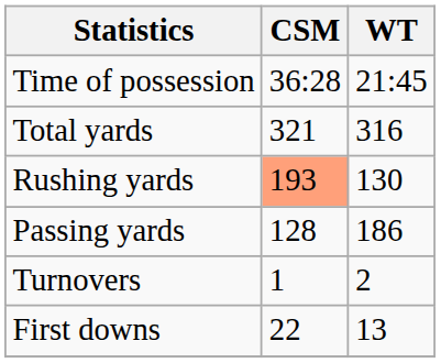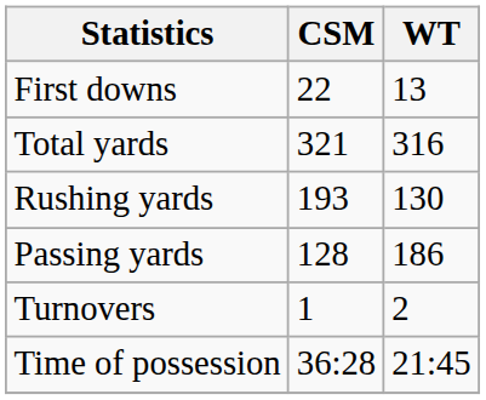 <table class="wikitable" style="float: left;">
 <tr>
 <th>Statistics</th>
 <th>CSM</th>
 <th>WT</th>
 </tr>
 <tr>
-<td>Time of possession</td>
-<td>36:28</td>
-<td>21:45</td>
+<td>First downs</td>
+<td>22</td>
+<td>13</td>
 </tr>
 <tr>
 <td>Total yards</td>
 <td>321</td>
 <td>316</td>
 </tr>
 <tr>
 <td>Rushing yards</td>
-<td style="background: lightsalmon;">193</td>
+<td>193</td>
 <td>130</td>
 </tr>
 <tr>
 <td>Passing yards</td>
 <td>128</td>
 <td>186</td>
 </tr>
 <tr>
 <td>Turnovers</td>
 <td>1</td>
 <td>2</td>
 </tr>
 <tr>
-<td>First downs</td>
-<td>22</td>
-<td>13</td>
+<td>Time of possession</td>
+<td>36:28</td>
+<td>21:45</td>
 </tr>
 <tr>
 </tr>
 </table>
